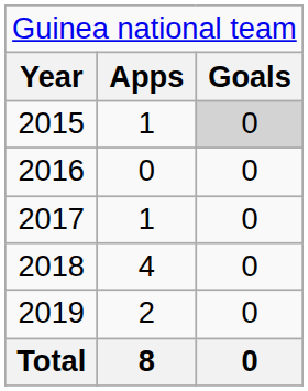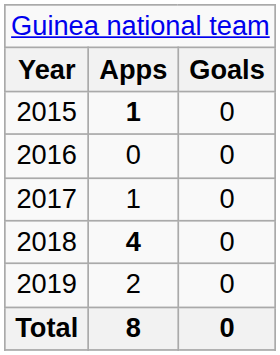 <table class="wikitable" style="text-align:center">
 <tr>
 <td colspan="3"><a href='#'>Guinea national team</a></td>
 </tr>
 <tr>
 <th>Year</th>
 <th>Apps</th>
 <th>Goals</th>
 </tr>
 <tr>
 <td>2015</td>
-<td>1</td>
-<td style="background: lightgrey;">0</td>
+<td><strong>1</strong></td>
+<td>0</td>
 </tr>
 <tr>
 <td>2016</td>
 <td>0</td>
 <td>0</td>
 </tr>
 <tr>
 <td>2017</td>
 <td>1</td>
 <td>0</td>
 </tr>
 <tr>
 <td>2018</td>
-<td>4</td>
+<td><strong>4</strong></td>
 <td>0</td>
 </tr>
 <tr>
 <td>2019</td>
 <td>2</td>
 <td>0</td>
 </tr>
 <tr>
 <th>Total</th>
 <th>8</th>
 <th>0</th>
 </tr>
 </table>
